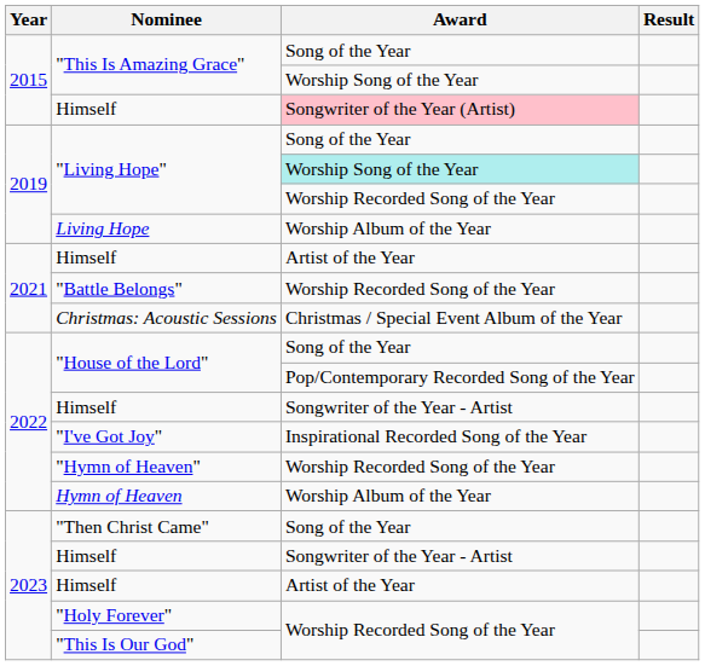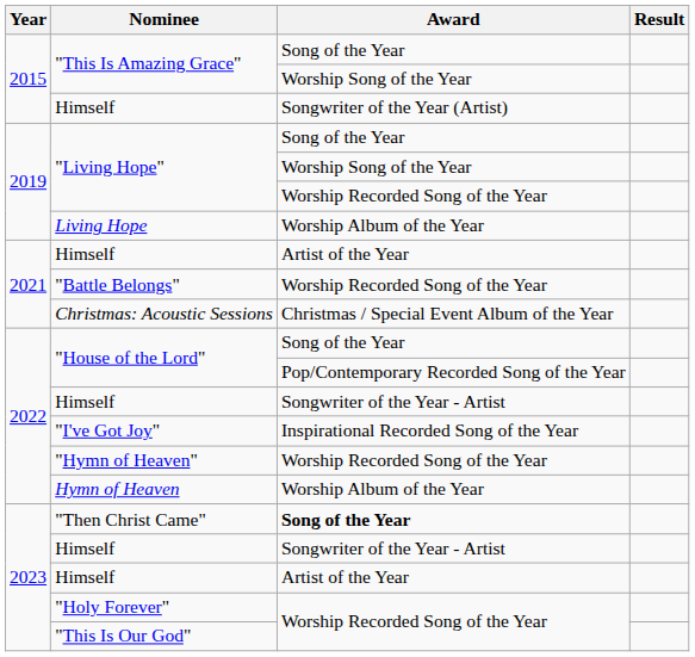 <table class="wikitable">
 <tr>
 <th>Year</th>
 <th>Nominee</th>
 <th>Award</th>
 <th>Result</th>
 </tr>
 <tr>
 <td rowspan="3"><a href='#'>2015</a></td>
 <td rowspan="2">"<a href='#'>This Is Amazing Grace</a>"</td>
 <td>Song of the Year</td>
 <td></td>
 </tr>
 <tr>
 <td>Worship Song of the Year</td>
 <td></td>
 </tr>
 <tr>
 <td>Himself</td>
-<td style="background: pink;">Songwriter of the Year (Artist)</td>
+<td>Songwriter of the Year (Artist)</td>
 <td></td>
 </tr>
 <tr>
 <td rowspan="4"><a href='#'>2019</a></td>
 <td rowspan="3">"<a href='#'>Living Hope</a>"</td>
 <td>Song of the Year</td>
 <td></td>
 </tr>
 <tr>
-<td style="background: paleturquoise;">Worship Song of the Year</td>
+<td>Worship Song of the Year</td>
 <td></td>
 </tr>
 <tr>
 <td>Worship Recorded Song of the Year</td>
 <td></td>
 </tr>
 <tr>
 <td><em><a href='#'>Living Hope</a></em></td>
 <td>Worship Album of the Year</td>
 <td></td>
 </tr>
 <tr>
 <td rowspan="3"><a href='#'>2021</a></td>
 <td>Himself</td>
 <td>Artist of the Year</td>
 <td></td>
 </tr>
 <tr>
 <td>"<a href='#'>Battle Belongs</a>"</td>
 <td>Worship Recorded Song of the Year</td>
 <td></td>
 </tr>
 <tr>
 <td><em>Christmas: Acoustic Sessions</em></td>
 <td>Christmas / Special Event Album of the Year</td>
 <td></td>
 </tr>
 <tr>
 <td rowspan="6"><a href='#'>2022</a></td>
 <td rowspan="2">"<a href='#'>House of the Lord</a>"</td>
 <td>Song of the Year</td>
 <td></td>
 </tr>
 <tr>
 <td>Pop/Contemporary Recorded Song of the Year</td>
 <td></td>
 </tr>
 <tr>
 <td>Himself</td>
 <td>Songwriter of the Year - Artist</td>
 <td></td>
 </tr>
 <tr>
 <td>"<a href='#'>I've Got Joy</a>"<br></td>
 <td>Inspirational Recorded Song of the Year</td>
 <td></td>
 </tr>
 <tr>
 <td>"<a href='#'>Hymn of Heaven</a>"</td>
 <td>Worship Recorded Song of the Year</td>
 <td></td>
 </tr>
 <tr>
 <td><em><a href='#'>Hymn of Heaven</a></em></td>
 <td>Worship Album of the Year</td>
 <td></td>
 </tr>
 <tr>
 <td rowspan="5"><a href='#'>2023</a></td>
 <td>"Then Christ Came"<br></td>
-<td>Song of the Year</td>
+<td><strong>Song of the Year</strong></td>
 <td></td>
 </tr>
 <tr>
 <td>Himself</td>
 <td>Songwriter of the Year - Artist</td>
 <td></td>
 </tr>
 <tr>
 <td>Himself</td>
 <td>Artist of the Year</td>
 <td></td>
 </tr>
 <tr>
 <td>"<a href='#'>Holy Forever</a>"<br></td>
 <td rowspan="2">Worship Recorded Song of the Year</td>
 <td></td>
 </tr>
 <tr>
 <td>"<a href='#'>This Is Our God</a>"</td>
 <td></td>
 </tr>
 </table>
